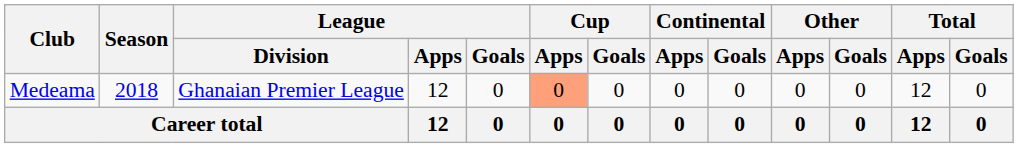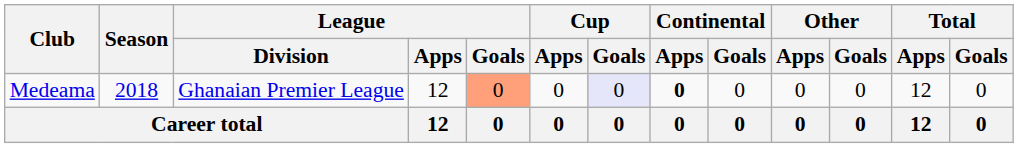 <table class="wikitable" style="text-align: center">
 <tr>
 <th rowspan="2">Club</th>
 <th rowspan="2">Season</th>
 <th colspan="3">League</th>
 <th colspan="2">Cup</th>
 <th colspan="2">Continental</th>
 <th colspan="2">Other</th>
 <th colspan="2">Total</th>
 </tr>
 <tr>
 <th>Division</th>
 <th>Apps</th>
 <th>Goals</th>
 <th>Apps</th>
 <th>Goals</th>
 <th>Apps</th>
 <th>Goals</th>
 <th>Apps</th>
 <th>Goals</th>
 <th>Apps</th>
 <th>Goals</th>
 </tr>
 <tr>
 <td><a href='#'>Medeama</a></td>
 <td><a href='#'>2018</a></td>
 <td><a href='#'>Ghanaian Premier League</a></td>
 <td>12</td>
-<td>0</td>
 <td style="background: lightsalmon;">0</td>
 <td>0</td>
-<td>0</td>
+<td style="background: lavender;">0</td>
+<td><strong>0</strong></td>
 <td>0</td>
 <td>0</td>
 <td>0</td>
 <td>12</td>
 <td>0</td>
 </tr>
 <tr>
 <th colspan="3"><strong>Career total</strong></th>
 <th>12</th>
 <th>0</th>
 <th>0</th>
 <th>0</th>
 <th>0</th>
 <th>0</th>
 <th>0</th>
 <th>0</th>
 <th>12</th>
 <th>0</th>
 </tr>
 </table>
